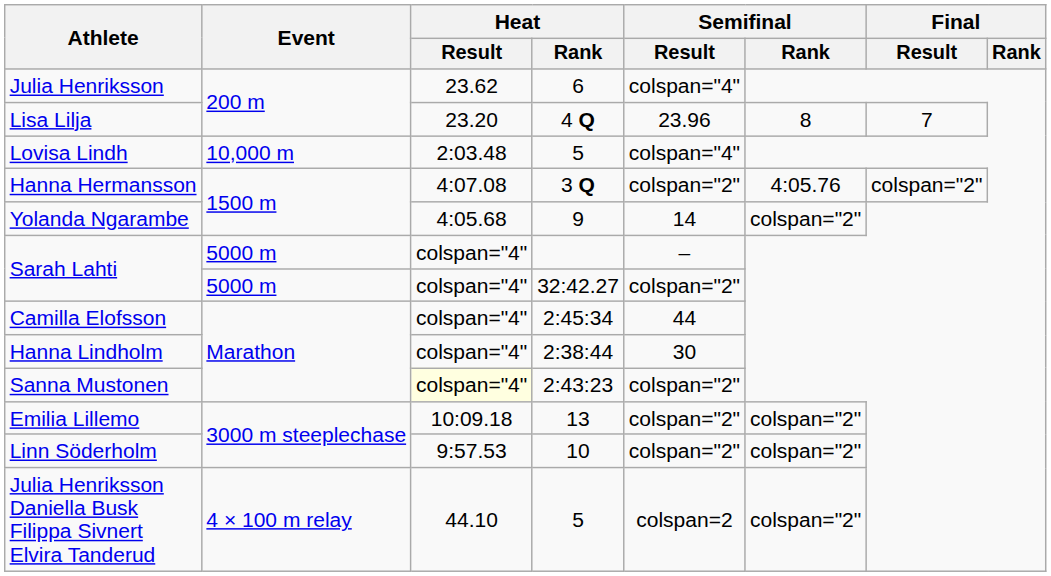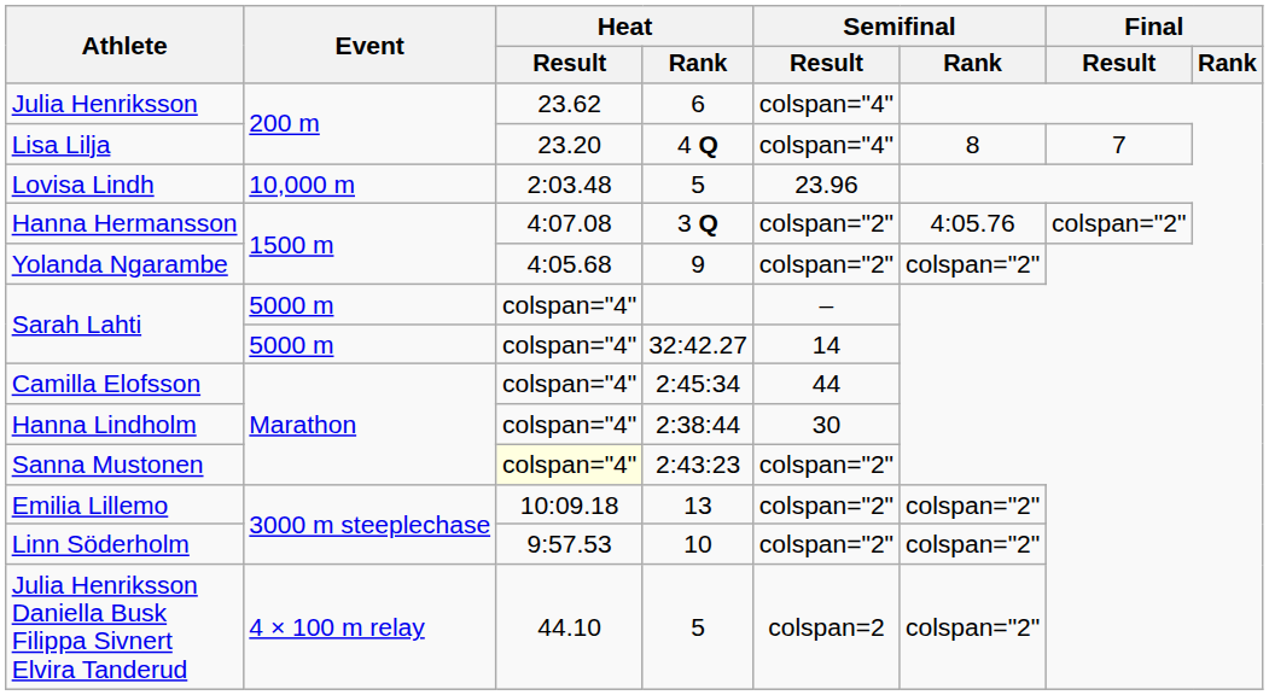 <table class="wikitable" style="font-size:90%">
 <tr>
 <th rowspan="2">Athlete</th>
 <th rowspan="2">Event</th>
 <th colspan="2">Heat</th>
 <th colspan="2">Semifinal</th>
 <th colspan="2">Final</th>
 </tr>
 <tr style="font-size:95%">
 <th>Result</th>
 <th>Rank</th>
 <th>Result</th>
 <th>Rank</th>
 <th>Result</th>
 <th>Rank</th>
 </tr>
 <tr align=center>
 <td align=left><a href='#'>Julia Henriksson</a></td>
 <td align=left rowspan=2><a href='#'>200 m</a></td>
 <td>23.62</td>
 <td>6</td>
 <td>colspan="4" </td>
 </tr>
 <tr align=center>
 <td align=left><a href='#'>Lisa Lilja</a></td>
 <td>23.20</td>
 <td>4 <strong>Q</strong></td>
-<td>23.96</td>
+<td>colspan="4" </td>
 <td>8</td>
 <td>7</td>
 </tr>
 <tr align=center>
 <td align=left><a href='#'>Lovisa Lindh</a></td>
 <td align=left><a href='#'>10,000 m</a></td>
 <td>2:03.48</td>
 <td>5</td>
-<td>colspan="4" </td>
+<td>23.96</td>
 </tr>
 <tr align=center>
 <td align=left><a href='#'>Hanna Hermansson</a></td>
 <td align=left rowspan=2><a href='#'>1500 m</a></td>
 <td>4:07.08</td>
 <td>3 <strong>Q</strong></td>
 <td>colspan="2" </td>
 <td>4:05.76 </td>
 <td>colspan="2" </td>
 </tr>
 <tr align=center>
 <td align=left><a href='#'>Yolanda Ngarambe</a></td>
 <td>4:05.68 </td>
 <td>9</td>
-<td>14</td>
+<td>colspan="2" </td>
 <td>colspan="2" </td>
 </tr>
 <tr align=center>
 <td align=left rowspan=2><a href='#'>Sarah Lahti</a></td>
 <td align=left><a href='#'>5000 m</a></td>
 <td>colspan="4" </td>
 <td></td>
 <td>–</td>
 </tr>
 <tr align=center>
 <td align=left><a href='#'>5000 m</a></td>
 <td>colspan="4" </td>
 <td>32:42.27 </td>
-<td>colspan="2" </td>
+<td>14</td>
 </tr>
 <tr align=center>
 <td align=left><a href='#'>Camilla Elofsson</a></td>
 <td align=left rowspan=3><a href='#'>Marathon</a></td>
 <td>colspan="4" </td>
 <td>2:45:34</td>
 <td>44</td>
 </tr>
 <tr align=center>
 <td align=left><a href='#'>Hanna Lindholm</a></td>
 <td>colspan="4" </td>
 <td>2:38:44</td>
 <td>30</td>
 </tr>
 <tr align=center>
 <td align=left><a href='#'>Sanna Mustonen</a></td>
 <td style="background: lightyellow;">colspan="4" </td>
 <td>2:43:23 </td>
 <td>colspan="2" </td>
 </tr>
 <tr align=center>
 <td align=left><a href='#'>Emilia Lillemo</a></td>
 <td align=left rowspan=2><a href='#'>3000 m steeplechase</a></td>
 <td>10:09.18</td>
 <td>13</td>
 <td>colspan="2" </td>
 <td>colspan="2" </td>
 </tr>
 <tr align=center>
 <td align=left><a href='#'>Linn Söderholm</a></td>
 <td>9:57.53</td>
 <td>10</td>
 <td>colspan="2" </td>
 <td>colspan="2" </td>
 </tr>
 <tr align=center>
 <td align=left><a href='#'>Julia Henriksson</a><br><a href='#'>Daniella Busk</a><br><a href='#'>Filippa Sivnert</a><br><a href='#'>Elvira Tanderud</a></td>
 <td align=left><a href='#'>4 × 100 m relay</a></td>
 <td>44.10</td>
 <td>5</td>
 <td>colspan=2 </td>
 <td>colspan="2" </td>
 </tr>
 </table>
